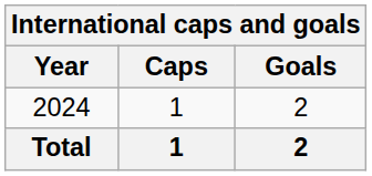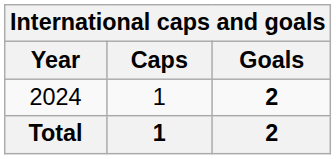 <table class="wikitable sortable" style="text-align:center">
 <tr>
 <th colspan="3">International caps and goals</th>
 </tr>
 <tr>
 <th>Year</th>
 <th>Caps</th>
 <th>Goals</th>
 </tr>
 <tr>
 <td>2024</td>
 <td>1</td>
-<td>2</td>
+<td><strong>2</strong></td>
 </tr>
 <tr>
 <th>Total</th>
 <th>1</th>
 <th>2</th>
 </tr>
 </table>
